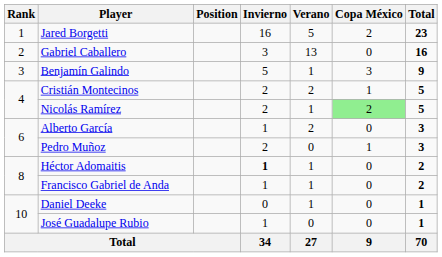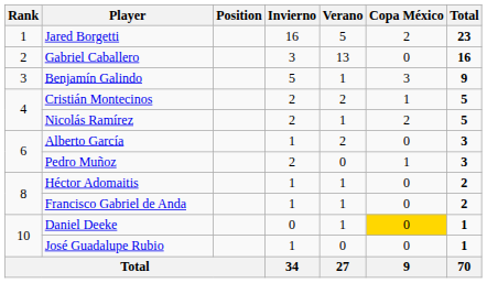 <table class="wikitable">
 <tr>
 <th>Rank</th>
 <th style="width:200px;">Player</th>
 <th>Position</th>
 <th>Invierno</th>
 <th>Verano</th>
 <th>Copa México</th>
 <th>Total</th>
 </tr>
 <tr>
 <td align=center>1</td>
 <td> <a href='#'>Jared Borgetti</a></td>
 <td align=center></td>
 <td align=center>16</td>
 <td align=center>5</td>
 <td align=center>2</td>
 <td align=center><strong>23</strong></td>
 </tr>
 <tr>
 <td align=center>2</td>
 <td> <a href='#'>Gabriel Caballero</a></td>
 <td align=center></td>
 <td align=center>3</td>
 <td align=center>13</td>
 <td align=center>0</td>
 <td align=center><strong>16</strong></td>
 </tr>
 <tr>
 <td align=center>3</td>
 <td> <a href='#'>Benjamín Galindo</a></td>
 <td align=center></td>
 <td align=center>5</td>
 <td align=center>1</td>
 <td align=center>3</td>
 <td align=center><strong>9</strong></td>
 </tr>
 <tr>
 <td align=center rowspan=2>4</td>
 <td> <a href='#'>Cristián Montecinos</a></td>
 <td align=center></td>
 <td align=center>2</td>
 <td align=center>2</td>
 <td align=center>1</td>
 <td align=center><strong>5</strong></td>
 </tr>
 <tr>
 <td> <a href='#'>Nicolás Ramírez</a></td>
 <td align=center></td>
 <td align=center>2</td>
 <td align=center>1</td>
-<td align=center style="background: lightgreen;">2</td>
+<td align=center>2</td>
 <td align=center><strong>5</strong></td>
 </tr>
 <tr>
 <td align=center rowspan=2>6</td>
 <td> <a href='#'>Alberto García</a></td>
 <td align=center></td>
 <td align=center>1</td>
 <td align=center>2</td>
 <td align=center>0</td>
 <td align=center><strong>3</strong></td>
 </tr>
 <tr>
 <td> <a href='#'>Pedro Muñoz</a></td>
 <td align=center></td>
 <td align=center>2</td>
 <td align=center>0</td>
 <td align=center>1</td>
 <td align=center><strong>3</strong></td>
 </tr>
 <tr>
 <td align=center rowspan=2>8</td>
 <td> <a href='#'>Héctor Adomaitis</a></td>
 <td align=center></td>
-<td align=center><strong>1</strong></td>
+<td align=center>1</td>
 <td align=center>1</td>
 <td align=center>0</td>
 <td align=center><strong>2</strong></td>
 </tr>
 <tr>
 <td> <a href='#'>Francisco Gabriel de Anda</a></td>
 <td align=center></td>
 <td align=center>1</td>
 <td align=center>1</td>
 <td align=center>0</td>
 <td align=center><strong>2</strong></td>
 </tr>
 <tr>
 <td align=center rowspan=2>10</td>
 <td> <a href='#'>Daniel Deeke</a></td>
 <td align=center></td>
 <td align=center>0</td>
 <td align=center>1</td>
-<td align=center>0</td>
+<td align=center style="background: gold;">0</td>
 <td align=center><strong>1</strong></td>
 </tr>
 <tr>
 <td> <a href='#'>José Guadalupe Rubio</a></td>
 <td align=center></td>
 <td align=center>1</td>
 <td align=center>0</td>
 <td align=center>0</td>
 <td align=center><strong>1</strong></td>
 </tr>
 <tr>
 <th align=center colspan=3>Total</th>
 <th align=center>34</th>
 <th align=center>27</th>
 <th align=center>9</th>
 <th align=center>70</th>
 </tr>
 </table>
